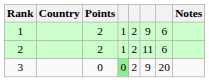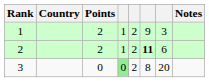 <table class="wikitable sortable" style="text-align: center;">
 <tr>
 <th>Rank</th>
 <th>Country</th>
 <th>Points</th>
 <th></th>
 <th></th>
 <th></th>
 <th></th>
 <th>Notes</th>
 </tr>
 <tr style="background:#cfc;">
 <td>1</td>
 <td align=left></td>
 <td>2</td>
 <td>1</td>
 <td>2</td>
 <td>9</td>
-<td>6</td>
+<td>3</td>
 <td></td>
 </tr>
 <tr style="background:#cfc;">
 <td>2</td>
 <td align=left></td>
 <td>2</td>
 <td>1</td>
 <td>2</td>
-<td>11</td>
+<td><strong>11</strong></td>
 <td>6</td>
 <td></td>
 </tr>
 <tr>
 <td>3</td>
 <td align=left></td>
 <td>0</td>
 <td style="background: lightgreen;">0</td>
 <td>2</td>
-<td>9</td>
+<td>8</td>
 <td>20</td>
 <td></td>
 </tr>
 </table>
